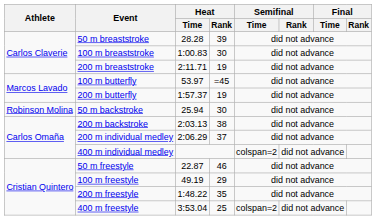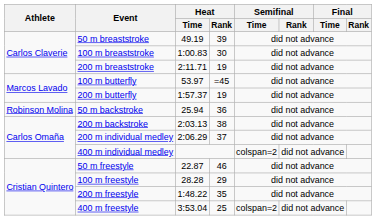 <table class=wikitable style="font-size:90%">
 <tr>
 <th rowspan="2">Athlete</th>
 <th rowspan="2">Event</th>
 <th colspan="2">Heat</th>
 <th colspan="2">Semifinal</th>
 <th colspan="2">Final</th>
 </tr>
 <tr style="font-size:95%">
 <th>Time</th>
 <th>Rank</th>
 <th>Time</th>
 <th>Rank</th>
 <th>Time</th>
 <th>Rank</th>
 </tr>
 <tr align=center>
 <td align=left rowspan=3><a href='#'>Carlos Claverie</a></td>
 <td align=left><a href='#'>50 m breaststroke</a></td>
-<td>28.28</td>
+<td>49.19</td>
 <td>39</td>
 <td colspan=4>did not advance</td>
 </tr>
 <tr align=center>
 <td align=left><a href='#'>100 m breaststroke</a></td>
 <td>1:00.83</td>
 <td>30</td>
 <td colspan=4>did not advance</td>
 </tr>
 <tr align=center>
 <td align=left><a href='#'>200 m breaststroke</a></td>
 <td>2:11.71</td>
 <td>19</td>
 <td colspan=4>did not advance</td>
 </tr>
 <tr align=center>
 <td align=left rowspan=2><a href='#'>Marcos Lavado</a></td>
 <td align=left><a href='#'>100 m butterfly</a></td>
 <td>53.97</td>
 <td>=45</td>
 <td colspan=4>did not advance</td>
 </tr>
 <tr align=center>
 <td align=left><a href='#'>200 m butterfly</a></td>
 <td>1:57.37</td>
 <td>19</td>
 <td colspan=4>did not advance</td>
 </tr>
 <tr align=center>
 <td align=left><a href='#'>Robinson Molina</a></td>
 <td align=left><a href='#'>50 m backstroke</a></td>
 <td>25.94</td>
-<td>30</td>
+<td>36</td>
 <td colspan=4>did not advance</td>
 </tr>
 <tr align=center>
 <td align=left rowspan=3><a href='#'>Carlos Omaña</a></td>
 <td align=left><a href='#'>200 m backstroke</a></td>
 <td>2:03.13</td>
 <td>38</td>
 <td colspan=4>did not advance</td>
 </tr>
 <tr align=center>
 <td align=left><a href='#'>200 m individual medley</a></td>
 <td>2:06.29</td>
 <td>37</td>
 <td colspan=4>did not advance</td>
 </tr>
 <tr align=center>
 <td align=left><a href='#'>400 m individual medley</a></td>
 <td colspan=2></td>
 <td>colspan=2 </td>
 <td colspan=2>did not advance</td>
 </tr>
 <tr align=center>
 <td align=left rowspan=4><a href='#'>Cristian Quintero</a></td>
 <td align=left><a href='#'>50 m freestyle</a></td>
 <td>22.87</td>
 <td>46</td>
 <td colspan=4>did not advance</td>
 </tr>
 <tr align=center>
 <td align=left><a href='#'>100 m freestyle</a></td>
-<td>49.19</td>
+<td>28.28</td>
 <td>29</td>
 <td colspan=4>did not advance</td>
 </tr>
 <tr align=center>
 <td align=left><a href='#'>200 m freestyle</a></td>
 <td>1:48.22</td>
 <td>35</td>
 <td colspan=4>did not advance</td>
 </tr>
 <tr align=center>
 <td align=left><a href='#'>400 m freestyle</a></td>
 <td>3:53.04</td>
 <td>25</td>
 <td>colspan=2 </td>
 <td colspan=2>did not advance</td>
 </tr>
 </table>
